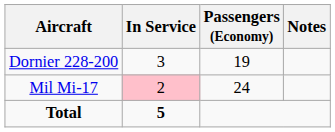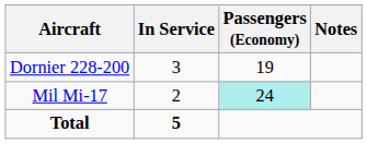 <table class="wikitable" style="margin:1em auto;text-align:center">
 <tr>
 <th>Aircraft</th>
 <th>In Service</th>
 <th>Passengers<br><small>(Economy)</small></th>
 <th>Notes</th>
 </tr>
 <tr>
 <td><a href='#'>Dornier 228-200</a></td>
 <td>3</td>
 <td>19</td>
 <td></td>
 </tr>
 <tr>
 <td><a href='#'>Mil Mi-17</a></td>
-<td style="background: pink;">2</td>
-<td>24</td>
+<td>2</td>
+<td style="background: paleturquoise;">24</td>
 <td></td>
 </tr>
 <tr>
 <td><strong>Total</strong></td>
 <td><strong>5</strong></td>
 <td colspan=3></td>
 </tr>
 </table>
